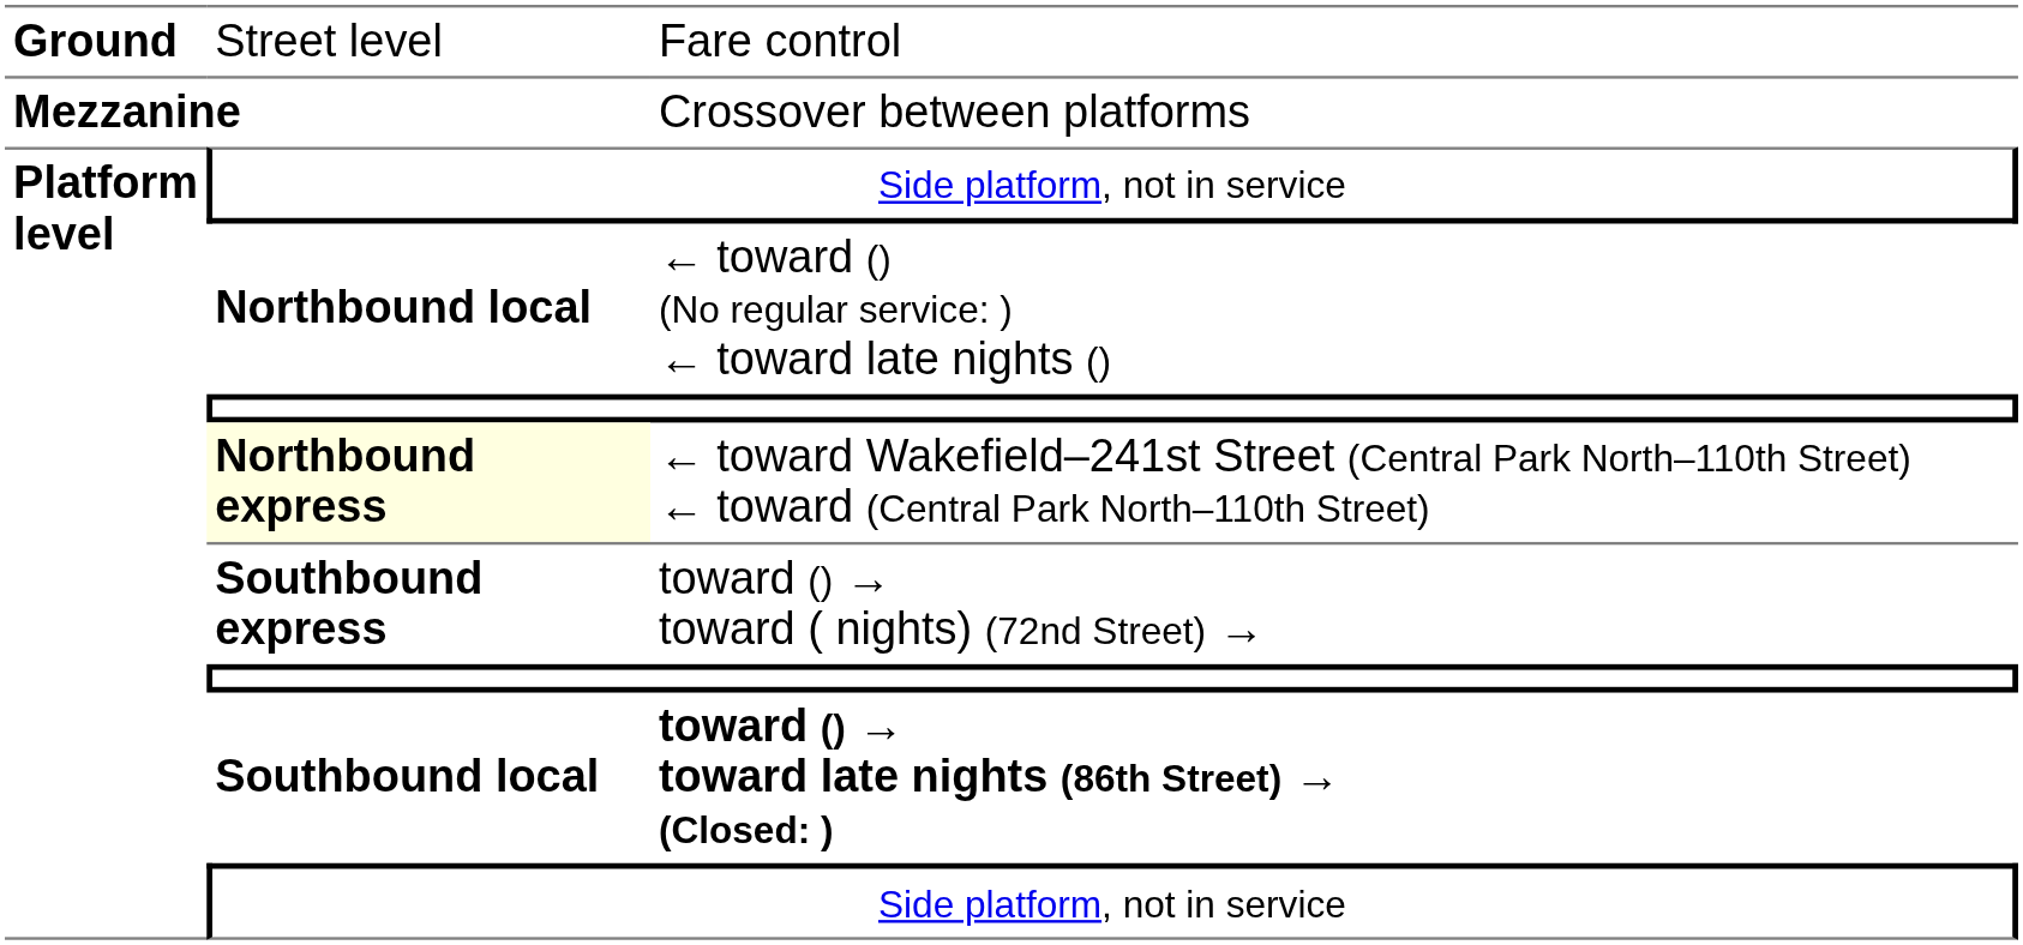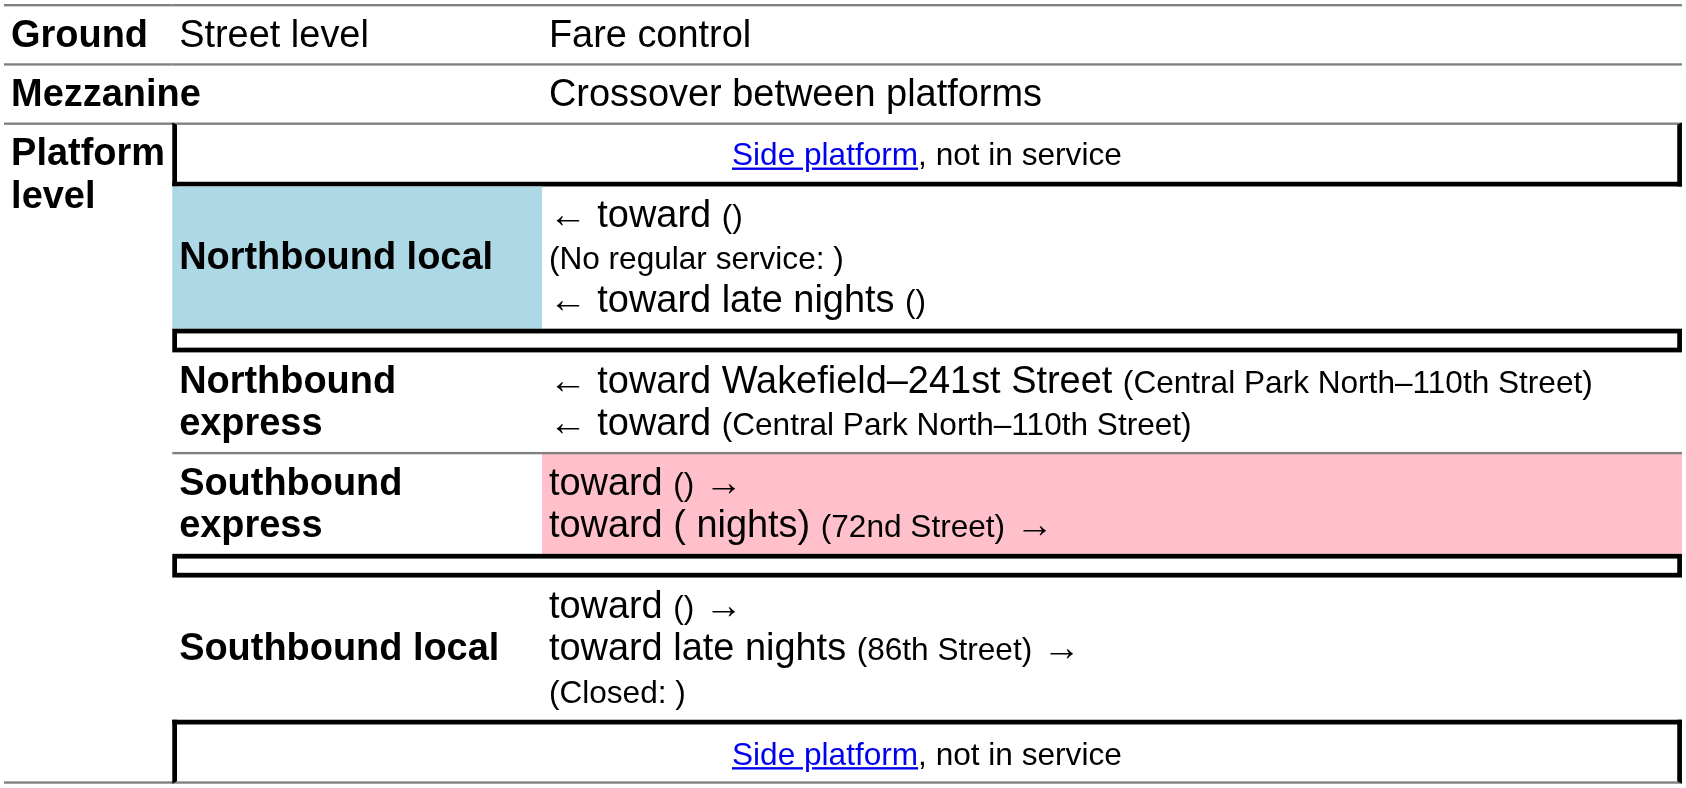 <table cellspacing=0 cellpadding=3>
 <tr>
 <td style="border-top:solid 1px gray;border-bottom:solid 1px gray;" width=50><strong>Ground</strong></td>
 <td style="border-top:solid 1px gray;border-bottom:solid 1px gray;" width=150>Street level</td>
 <td style="border-top:solid 1px gray;border-bottom:solid 1px gray;" width=475>Fare control<br></td>
 </tr>
 <tr>
 <td colspan=2><strong>Mezzanine</strong></td>
 <td>Crossover between platforms</td>
 </tr>
 <tr>
 <td style="border-top:solid 1px gray;border-bottom:solid 1px gray;" rowspan=8 valign=top><strong>Platform level</strong></td>
 <td style="border-top:solid 1px gray;border-right:solid 2px black;border-left:solid 2px black;border-bottom:solid 2px black;text-align:center;" colspan=2><small><a href='#'>Side platform</a>, not in service</small></td>
 </tr>
 <tr>
-<td style="color:#"><strong>Northbound local</strong></td>
+<td style="background: lightblue; color:#"><strong>Northbound local</strong></td>
 <td>←  toward   <small>()</small><br> <small>(No regular service: )</small><br>←  toward  late nights <small>()</small></td>
 </tr>
 <tr>
 <td style="border-top:solid 2px black;border-right:solid 2px black;border-left:solid 2px black;border-bottom:solid 2px black;text-align:center;" colspan=2></td>
 </tr>
 <tr>
-<td style="background: lightyellow; color:#"><strong>Northbound express</strong></td>
+<td style="color:#"><strong>Northbound express</strong></td>
 <td>←  toward Wakefield–241st Street <small>(Central Park North–110th Street)</small><br>←  toward  <small>(Central Park North–110th Street)</small></td>
 </tr>
 <tr>
 <td style="border-top:solid 1px gray;color:#"><strong>Southbound express</strong></td>
-<td style="border-top:solid 1px gray;">  toward  <small>()</small> →<br>  toward  ( nights) <small>(72nd Street)</small> →</td>
+<td style="background: pink; border-top:solid 1px gray;">  toward  <small>()</small> →<br>  toward  ( nights) <small>(72nd Street)</small> →</td>
 </tr>
 <tr>
 <td style="border-top:solid 2px black;border-right:solid 2px black;border-left:solid 2px black;border-bottom:solid 2px black;text-align:center;" colspan=2></td>
 </tr>
 <tr>
 <td style="color:#"><strong>Southbound local</strong></td>
-<td><strong>  toward  <small>()</small> →<br>  toward  late nights <small>(86th Street)</small> →<br> <small>(Closed: )</small></strong></td>
+<td>  toward  <small>()</small> →<br>  toward  late nights <small>(86th Street)</small> →<br> <small>(Closed: )</small></td>
 </tr>
 <tr>
 <td style="border-top:solid 2px black;border-right:solid 2px black;border-left:solid 2px black;border-bottom:solid 1px gray;text-align:center;" colspan=2><small><a href='#'>Side platform</a>, not in service</small></td>
 </tr>
 </table>
